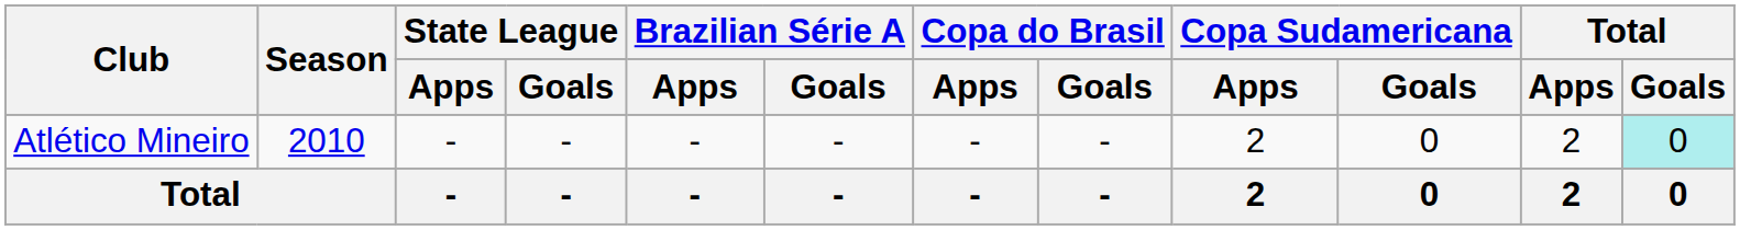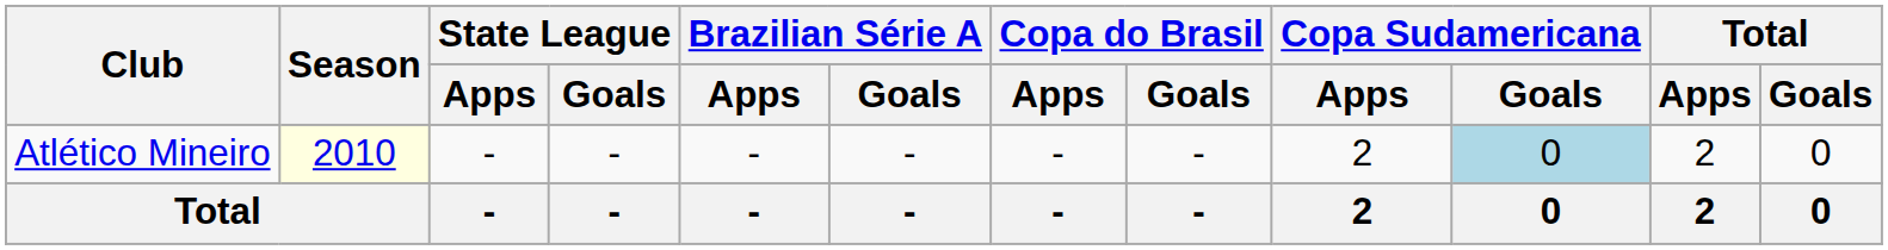 <table class="wikitable" style="text-align: center;">
 <tr>
 <th rowspan="2">Club</th>
 <th rowspan="2">Season</th>
 <th colspan="2">State League</th>
 <th colspan="2"><a href='#'>Brazilian Série A</a></th>
 <th colspan="2"><a href='#'>Copa do Brasil</a></th>
 <th colspan="2"><a href='#'>Copa Sudamericana</a></th>
 <th colspan="2">Total</th>
 </tr>
 <tr>
 <th>Apps</th>
 <th>Goals</th>
 <th>Apps</th>
 <th>Goals</th>
 <th>Apps</th>
 <th>Goals</th>
 <th>Apps</th>
 <th>Goals</th>
 <th>Apps</th>
 <th>Goals</th>
 </tr>
 <tr>
 <td rowspan="1" valign="center"><a href='#'>Atlético Mineiro</a></td>
-<td><a href='#'>2010</a></td>
+<td style="background: lightyellow;"><a href='#'>2010</a></td>
 <td>-</td>
 <td>-</td>
 <td>-</td>
 <td>-</td>
 <td>-</td>
 <td>-</td>
 <td>2</td>
+<td style="background: lightblue;">0</td>
+<td>2</td>
 <td>0</td>
-<td>2</td>
-<td style="background: paleturquoise;">0</td>
 </tr>
 <tr>
 <th colspan="2"><strong>Total</strong></th>
 <th>-</th>
 <th>-</th>
 <th>-</th>
 <th>-</th>
 <th>-</th>
 <th>-</th>
 <th>2</th>
 <th>0</th>
 <th>2</th>
 <th>0</th>
 </tr>
 </table>
